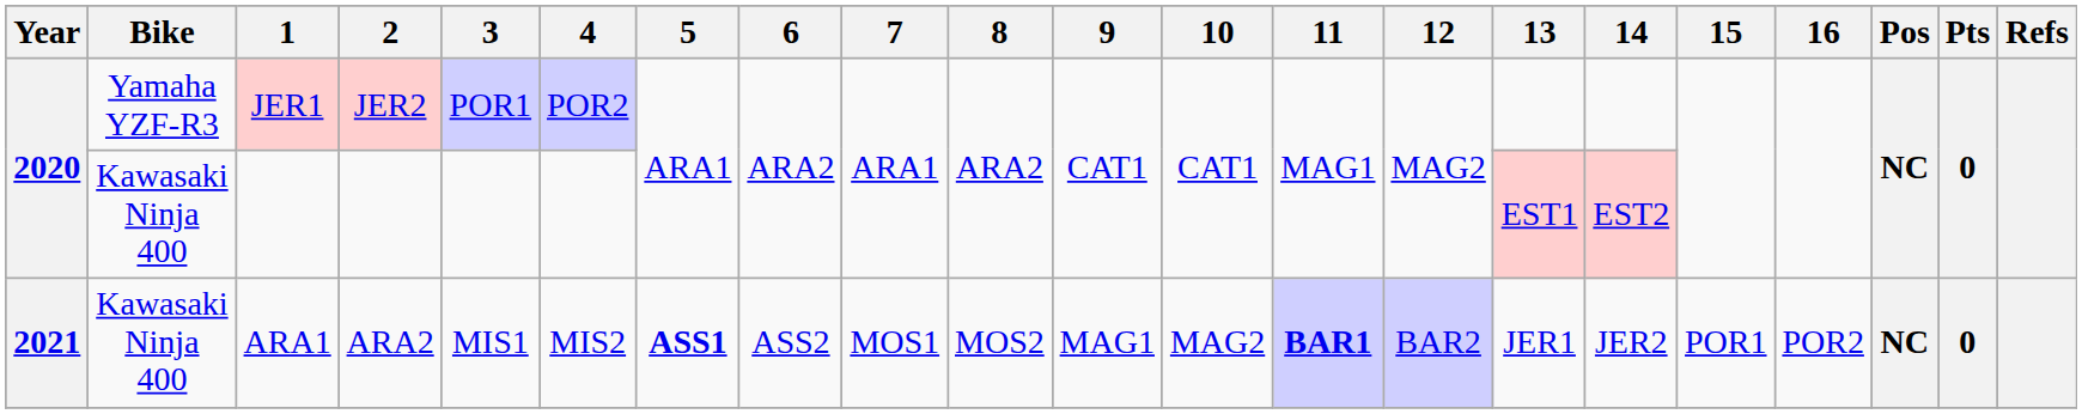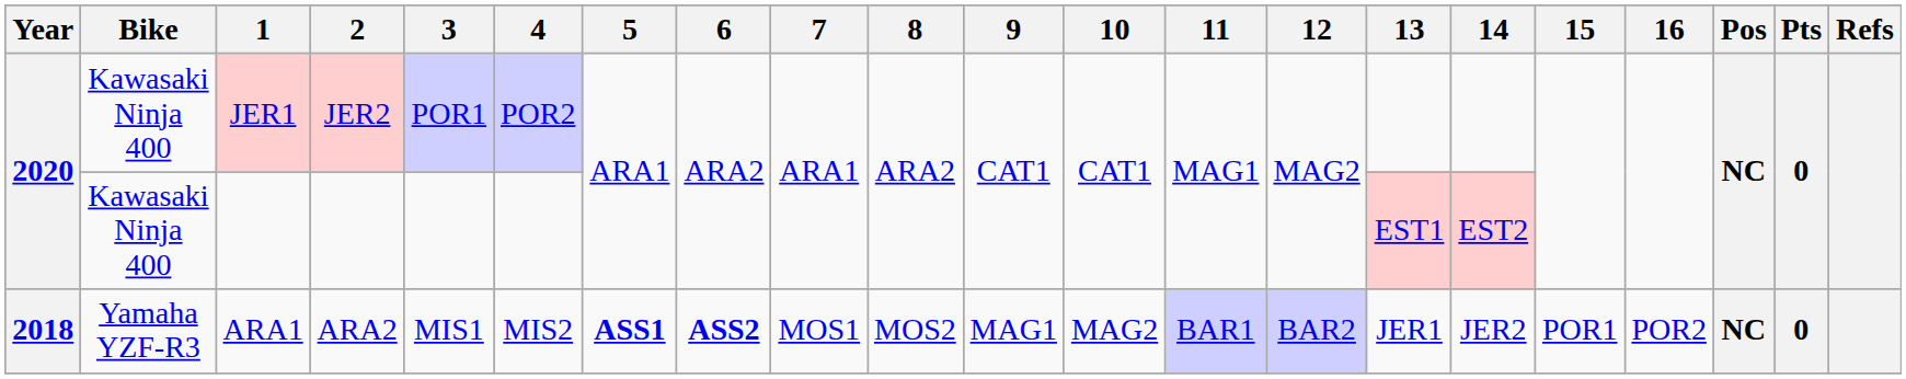 <table class="wikitable" style="text-align:center">
 <tr>
 <th scope=col>Year</th>
 <th scope=col>Bike</th>
 <th scope=col>1</th>
 <th scope=col>2</th>
 <th scope=col>3</th>
 <th scope=col>4</th>
 <th scope=col>5</th>
 <th scope=col>6</th>
 <th scope=col>7</th>
 <th scope=col>8</th>
 <th scope=col>9</th>
 <th scope=col>10</th>
 <th scope=col>11</th>
 <th scope=col>12</th>
 <th scope=col>13</th>
 <th scope=col>14</th>
 <th scope=col>15</th>
 <th scope=col>16</th>
 <th scope=col>Pos</th>
 <th scope=col>Pts</th>
 <th scope=col>Refs</th>
 </tr>
 <tr>
 <th rowspan="2"><a href='#'>2020</a></th>
-<td><a href='#'>Yamaha YZF-R3</a></td>
+<td><a href='#'>Kawasaki Ninja 400</a></td>
 <td style="background:#ffcfcf;"><a href='#'>JER1</a><br></td>
 <td style="background:#ffcfcf;"><a href='#'>JER2</a><br></td>
 <td style="background:#cfcfff;"><a href='#'>POR1</a><br></td>
 <td style="background:#cfcfff;"><a href='#'>POR2</a><br></td>
 <td rowspan="2"><a href='#'>ARA1</a></td>
 <td rowspan="2"><a href='#'>ARA2</a></td>
 <td rowspan="2"><a href='#'>ARA1</a></td>
 <td rowspan="2"><a href='#'>ARA2</a></td>
 <td rowspan="2"><a href='#'>CAT1</a></td>
 <td rowspan="2"><a href='#'>CAT1</a></td>
 <td rowspan="2"><a href='#'>MAG1</a></td>
 <td rowspan="2"><a href='#'>MAG2</a></td>
 <td></td>
 <td></td>
 <td rowspan="2"></td>
 <td rowspan="2"></td>
 <th rowspan="2">NC</th>
 <th rowspan="2">0</th>
 <th rowspan="2"></th>
 </tr>
 <tr>
 <td><a href='#'>Kawasaki Ninja 400</a></td>
 <td></td>
 <td></td>
 <td></td>
 <td></td>
 <td style="background:#ffcfcf;"><a href='#'>EST1</a><br></td>
 <td style="background:#ffcfcf;"><a href='#'>EST2</a><br></td>
 </tr>
 <tr>
-<th><a href='#'>2021</a></th>
-<td><a href='#'>Kawasaki Ninja 400</a></td>
+<th><a href='#'>2018</a></th>
+<td><a href='#'>Yamaha YZF-R3</a></td>
 <td><a href='#'>ARA1</a></td>
 <td><a href='#'>ARA2</a></td>
 <td><a href='#'>MIS1</a></td>
 <td><a href='#'>MIS2</a></td>
 <td><strong><a href='#'>ASS1</a></strong></td>
-<td><a href='#'>ASS2</a></td>
+<td><strong><a href='#'>ASS2</a></strong></td>
 <td><a href='#'>MOS1</a></td>
 <td><a href='#'>MOS2</a></td>
 <td><a href='#'>MAG1</a></td>
 <td><a href='#'>MAG2</a></td>
-<td style="background:#cfcfff;"><strong><a href='#'>BAR1</a><br></strong></td>
+<td style="background:#cfcfff;"><a href='#'>BAR1</a><br></td>
 <td style="background:#cfcfff;"><a href='#'>BAR2</a><br></td>
 <td><a href='#'>JER1</a></td>
 <td><a href='#'>JER2</a></td>
 <td><a href='#'>POR1</a></td>
 <td><a href='#'>POR2</a></td>
 <th>NC</th>
 <th>0</th>
 <th></th>
 </tr>
 </table>
